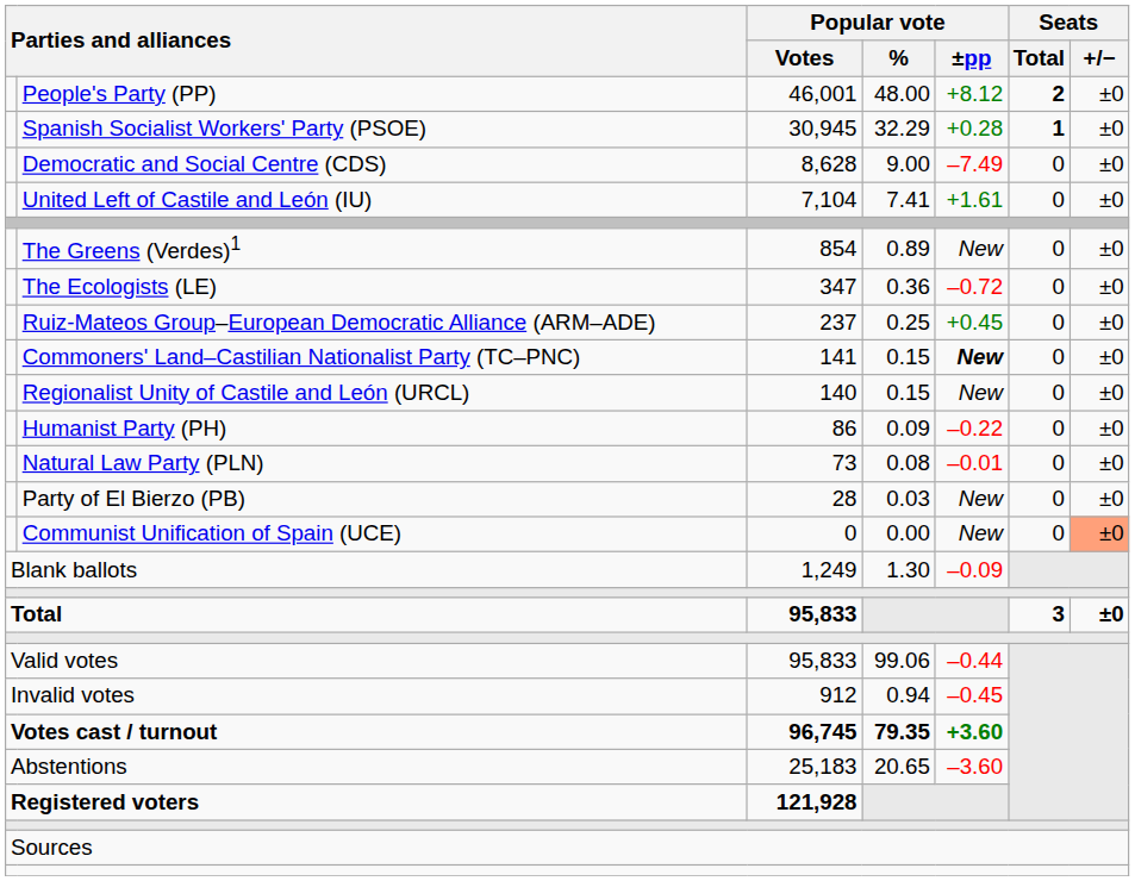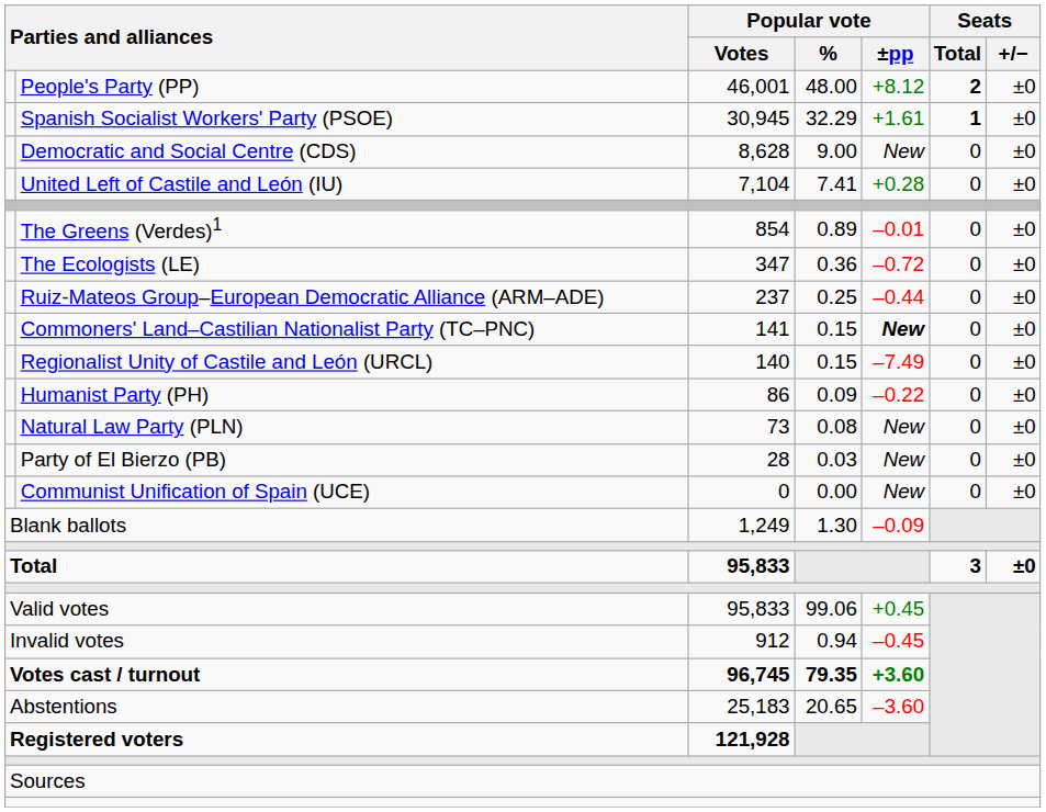 <table class="wikitable" style="text-align:right;">
 <tr>
 <th style="text-align:left;" rowspan="2" colspan="2" width="525">Parties and alliances</th>
 <th colspan="3">Popular vote</th>
 <th colspan="2">Seats</th>
 </tr>
 <tr>
 <th width="75">Votes</th>
 <th width="45">%</th>
 <th width="45">±<a href='#'>pp</a></th>
 <th width="35">Total</th>
 <th width="35">+/−</th>
 </tr>
 <tr>
 <td width="1" style="color:inherit;background:"></td>
 <td align="left"><a href='#'>People's Party</a> (PP)</td>
 <td>46,001</td>
 <td>48.00</td>
 <td style="color:green;">+8.12</td>
 <td><strong>2</strong></td>
 <td>±0</td>
 </tr>
 <tr>
 <td style="color:inherit;background:"></td>
 <td align="left"><a href='#'>Spanish Socialist Workers' Party</a> (PSOE)</td>
 <td>30,945</td>
 <td>32.29</td>
-<td style="color:green;">+0.28</td>
+<td style="color:green;">+1.61</td>
 <td><strong>1</strong></td>
 <td>±0</td>
 </tr>
 <tr>
 <td style="color:inherit;background:"></td>
 <td align="left"><a href='#'>Democratic and Social Centre</a> (CDS)</td>
 <td>8,628</td>
 <td>9.00</td>
-<td style="color:red;">–7.49</td>
+<td><em>New</em></td>
 <td>0</td>
 <td>±0</td>
 </tr>
 <tr>
 <td style="color:inherit;background:"></td>
 <td align="left"><a href='#'>United Left of Castile and León</a> (IU)</td>
 <td>7,104</td>
 <td>7.41</td>
-<td style="color:green;">+1.61</td>
+<td style="color:green;">+0.28</td>
 <td>0</td>
 <td>±0</td>
 </tr>
 <tr>
 <td colspan="7" bgcolor="#C0C0C0"></td>
 </tr>
 <tr>
 <td style="color:inherit;background:"></td>
 <td align="left"><a href='#'>The Greens</a> (Verdes)<sup>1</sup></td>
 <td>854</td>
 <td>0.89</td>
-<td><em>New</em></td>
+<td style="color:red;">–0.01</td>
 <td>0</td>
 <td>±0</td>
 </tr>
 <tr>
 <td style="color:inherit;background:"></td>
 <td align="left"><a href='#'>The Ecologists</a> (LE)</td>
 <td>347</td>
 <td>0.36</td>
 <td style="color:red;">–0.72</td>
 <td>0</td>
 <td>±0</td>
 </tr>
 <tr>
 <td style="color:inherit;background:"></td>
 <td align="left"><a href='#'>Ruiz-Mateos Group</a>–<a href='#'>European Democratic Alliance</a> (ARM–ADE)</td>
 <td>237</td>
 <td>0.25</td>
-<td style="color:green;">+0.45</td>
+<td style="color:red;">–0.44</td>
 <td>0</td>
 <td>±0</td>
 </tr>
 <tr>
 <td style="color:inherit;background:"></td>
 <td align="left"><a href='#'>Commoners' Land–Castilian Nationalist Party</a> (TC–PNC)</td>
 <td>141</td>
 <td>0.15</td>
 <td><strong><em>New</em></strong></td>
 <td>0</td>
 <td>±0</td>
 </tr>
 <tr>
 <td style="color:inherit;background:"></td>
 <td align="left"><a href='#'>Regionalist Unity of Castile and León</a> (URCL)</td>
 <td>140</td>
 <td>0.15</td>
-<td><em>New</em></td>
+<td style="color:red;">–7.49</td>
 <td>0</td>
 <td>±0</td>
 </tr>
 <tr>
 <td style="color:inherit;background:"></td>
 <td align="left"><a href='#'>Humanist Party</a> (PH)</td>
 <td>86</td>
 <td>0.09</td>
 <td style="color:red;">–0.22</td>
 <td>0</td>
 <td>±0</td>
 </tr>
 <tr>
 <td style="color:inherit;background:"></td>
 <td align="left"><a href='#'>Natural Law Party</a> (PLN)</td>
 <td>73</td>
 <td>0.08</td>
-<td style="color:red;">–0.01</td>
+<td><em>New</em></td>
 <td>0</td>
 <td>±0</td>
 </tr>
 <tr>
 <td style="color:inherit;background:"></td>
 <td align="left">Party of El Bierzo (PB)</td>
 <td>28</td>
 <td>0.03</td>
 <td><em>New</em></td>
 <td>0</td>
 <td>±0</td>
 </tr>
 <tr>
 <td style="color:inherit;background:"></td>
 <td align="left"><a href='#'>Communist Unification of Spain</a> (UCE)</td>
 <td>0</td>
 <td>0.00</td>
 <td><em>New</em></td>
 <td>0</td>
-<td style="background: lightsalmon;">±0</td>
+<td>±0</td>
 </tr>
 <tr>
 <td align="left" colspan="2">Blank ballots</td>
 <td>1,249</td>
 <td>1.30</td>
 <td style="color:red;">–0.09</td>
 <td bgcolor="#E9E9E9" colspan="2"></td>
 </tr>
 <tr>
 <td colspan="7" bgcolor="#E9E9E9"></td>
 </tr>
 <tr style="font-weight:bold;">
 <td align="left" colspan="2">Total</td>
 <td>95,833</td>
 <td bgcolor="#E9E9E9" colspan="2"></td>
 <td>3</td>
 <td>±0</td>
 </tr>
 <tr>
 <td colspan="7" bgcolor="#E9E9E9"></td>
 </tr>
 <tr>
 <td align="left" colspan="2">Valid votes</td>
 <td>95,833</td>
 <td>99.06</td>
-<td style="color:red;">–0.44</td>
+<td style="color:green;">+0.45</td>
 <td bgcolor="#E9E9E9" colspan="2" rowspan="5"></td>
 </tr>
 <tr>
 <td align="left" colspan="2">Invalid votes</td>
 <td>912</td>
 <td>0.94</td>
 <td style="color:red;">–0.45</td>
 </tr>
 <tr style="font-weight:bold;">
 <td align="left" colspan="2">Votes cast / turnout</td>
 <td>96,745</td>
 <td>79.35</td>
 <td style="color:green;">+3.60</td>
 </tr>
 <tr>
 <td align="left" colspan="2">Abstentions</td>
 <td>25,183</td>
 <td>20.65</td>
 <td style="color:red;">–3.60</td>
 </tr>
 <tr style="font-weight:bold;">
 <td align="left" colspan="2">Registered voters</td>
 <td>121,928</td>
 <td bgcolor="#E9E9E9" colspan="2"></td>
 </tr>
 <tr>
 <td colspan="7" bgcolor="#E9E9E9"></td>
 </tr>
 <tr>
 <td align="left" colspan="7">Sources</td>
 </tr>
 <tr>
 <td colspan="7" style="text-align:left; max-width:790px;"></td>
 </tr>
 </table>
